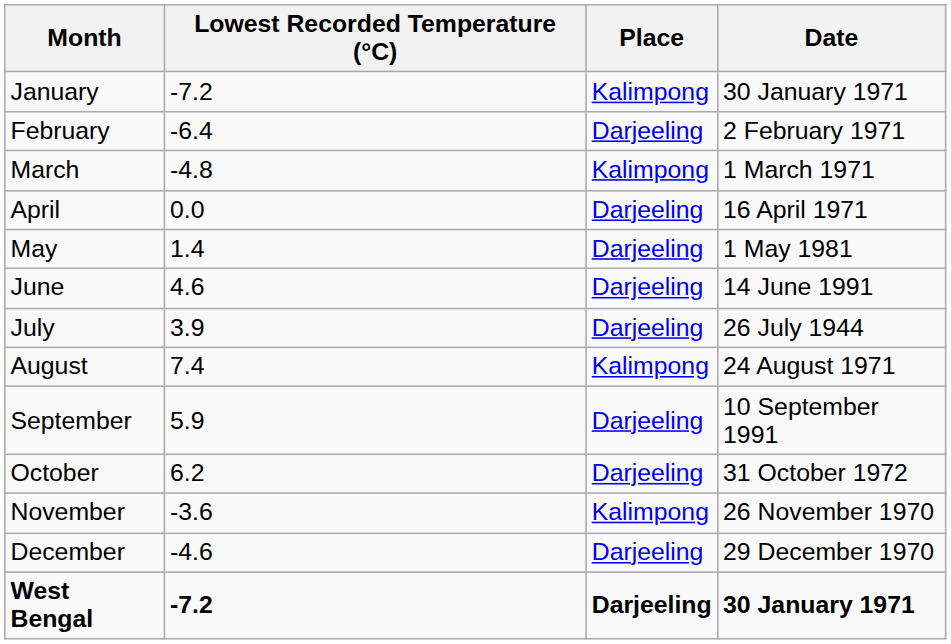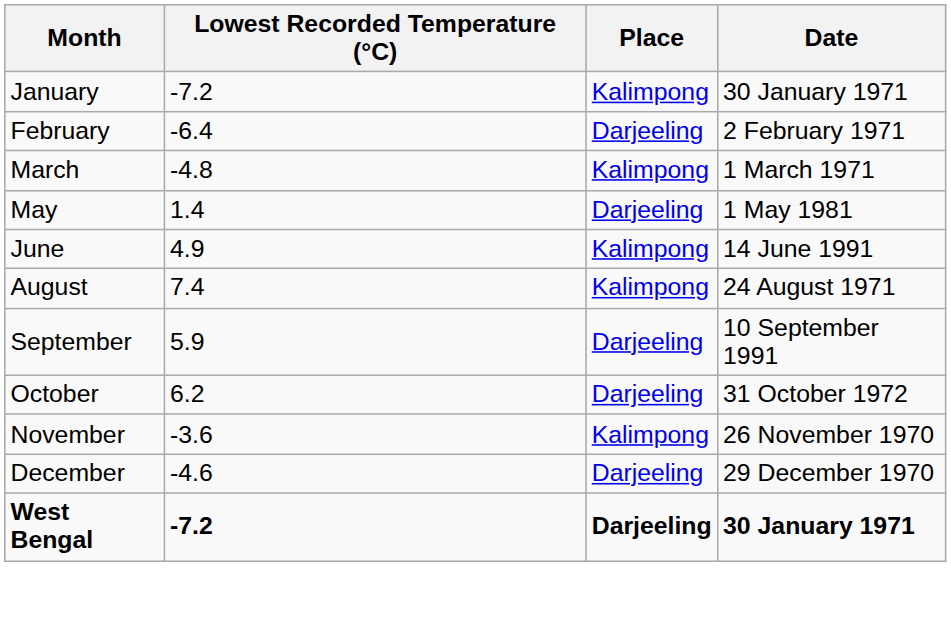 <table class="wikitable">
 <tr>
 <th>Month</th>
 <th>Lowest Recorded Temperature (°C)</th>
 <th>Place</th>
 <th>Date</th>
 </tr>
 <tr>
 <td>January</td>
 <td>-7.2</td>
 <td><a href='#'>Kalimpong</a></td>
 <td>30 January 1971</td>
 </tr>
 <tr>
 <td>February</td>
 <td>-6.4</td>
 <td><a href='#'>Darjeeling</a></td>
 <td>2 February 1971</td>
 </tr>
 <tr>
 <td>March</td>
 <td>-4.8</td>
 <td><a href='#'>Kalimpong</a></td>
 <td>1 March 1971</td>
 </tr>
 <tr>
-<td>April</td>
-<td>0.0</td>
-<td><a href='#'>Darjeeling</a></td>
-<td>16 April 1971</td>
-</tr>
-<tr>
 <td>May</td>
 <td>1.4</td>
 <td><a href='#'>Darjeeling</a></td>
 <td>1 May 1981</td>
 </tr>
 <tr>
 <td>June</td>
-<td>4.6</td>
-<td><a href='#'>Darjeeling</a></td>
+<td>4.9</td>
+<td><a href='#'>Kalimpong</a></td>
 <td>14 June 1991</td>
-</tr>
-<tr>
-<td>July</td>
-<td>3.9</td>
-<td><a href='#'>Darjeeling</a></td>
-<td>26 July 1944</td>
 </tr>
 <tr>
 <td>August</td>
 <td>7.4</td>
 <td><a href='#'>Kalimpong</a></td>
 <td>24 August 1971</td>
 </tr>
 <tr>
 <td>September</td>
 <td>5.9</td>
 <td><a href='#'>Darjeeling</a></td>
 <td>10 September 1991</td>
 </tr>
 <tr>
 <td>October</td>
 <td>6.2</td>
 <td><a href='#'>Darjeeling</a></td>
 <td>31 October 1972</td>
 </tr>
 <tr>
 <td>November</td>
 <td>-3.6</td>
 <td><a href='#'>Kalimpong</a></td>
 <td>26 November 1970</td>
 </tr>
 <tr>
 <td>December</td>
 <td>-4.6</td>
 <td><a href='#'>Darjeeling</a></td>
 <td>29 December 1970</td>
 </tr>
 <tr>
 <td><strong>West Bengal</strong></td>
 <td><strong>-7.2</strong></td>
 <td><strong>Darjeeling</strong></td>
 <td><strong>30 January 1971</strong></td>
 </tr>
 </table>
